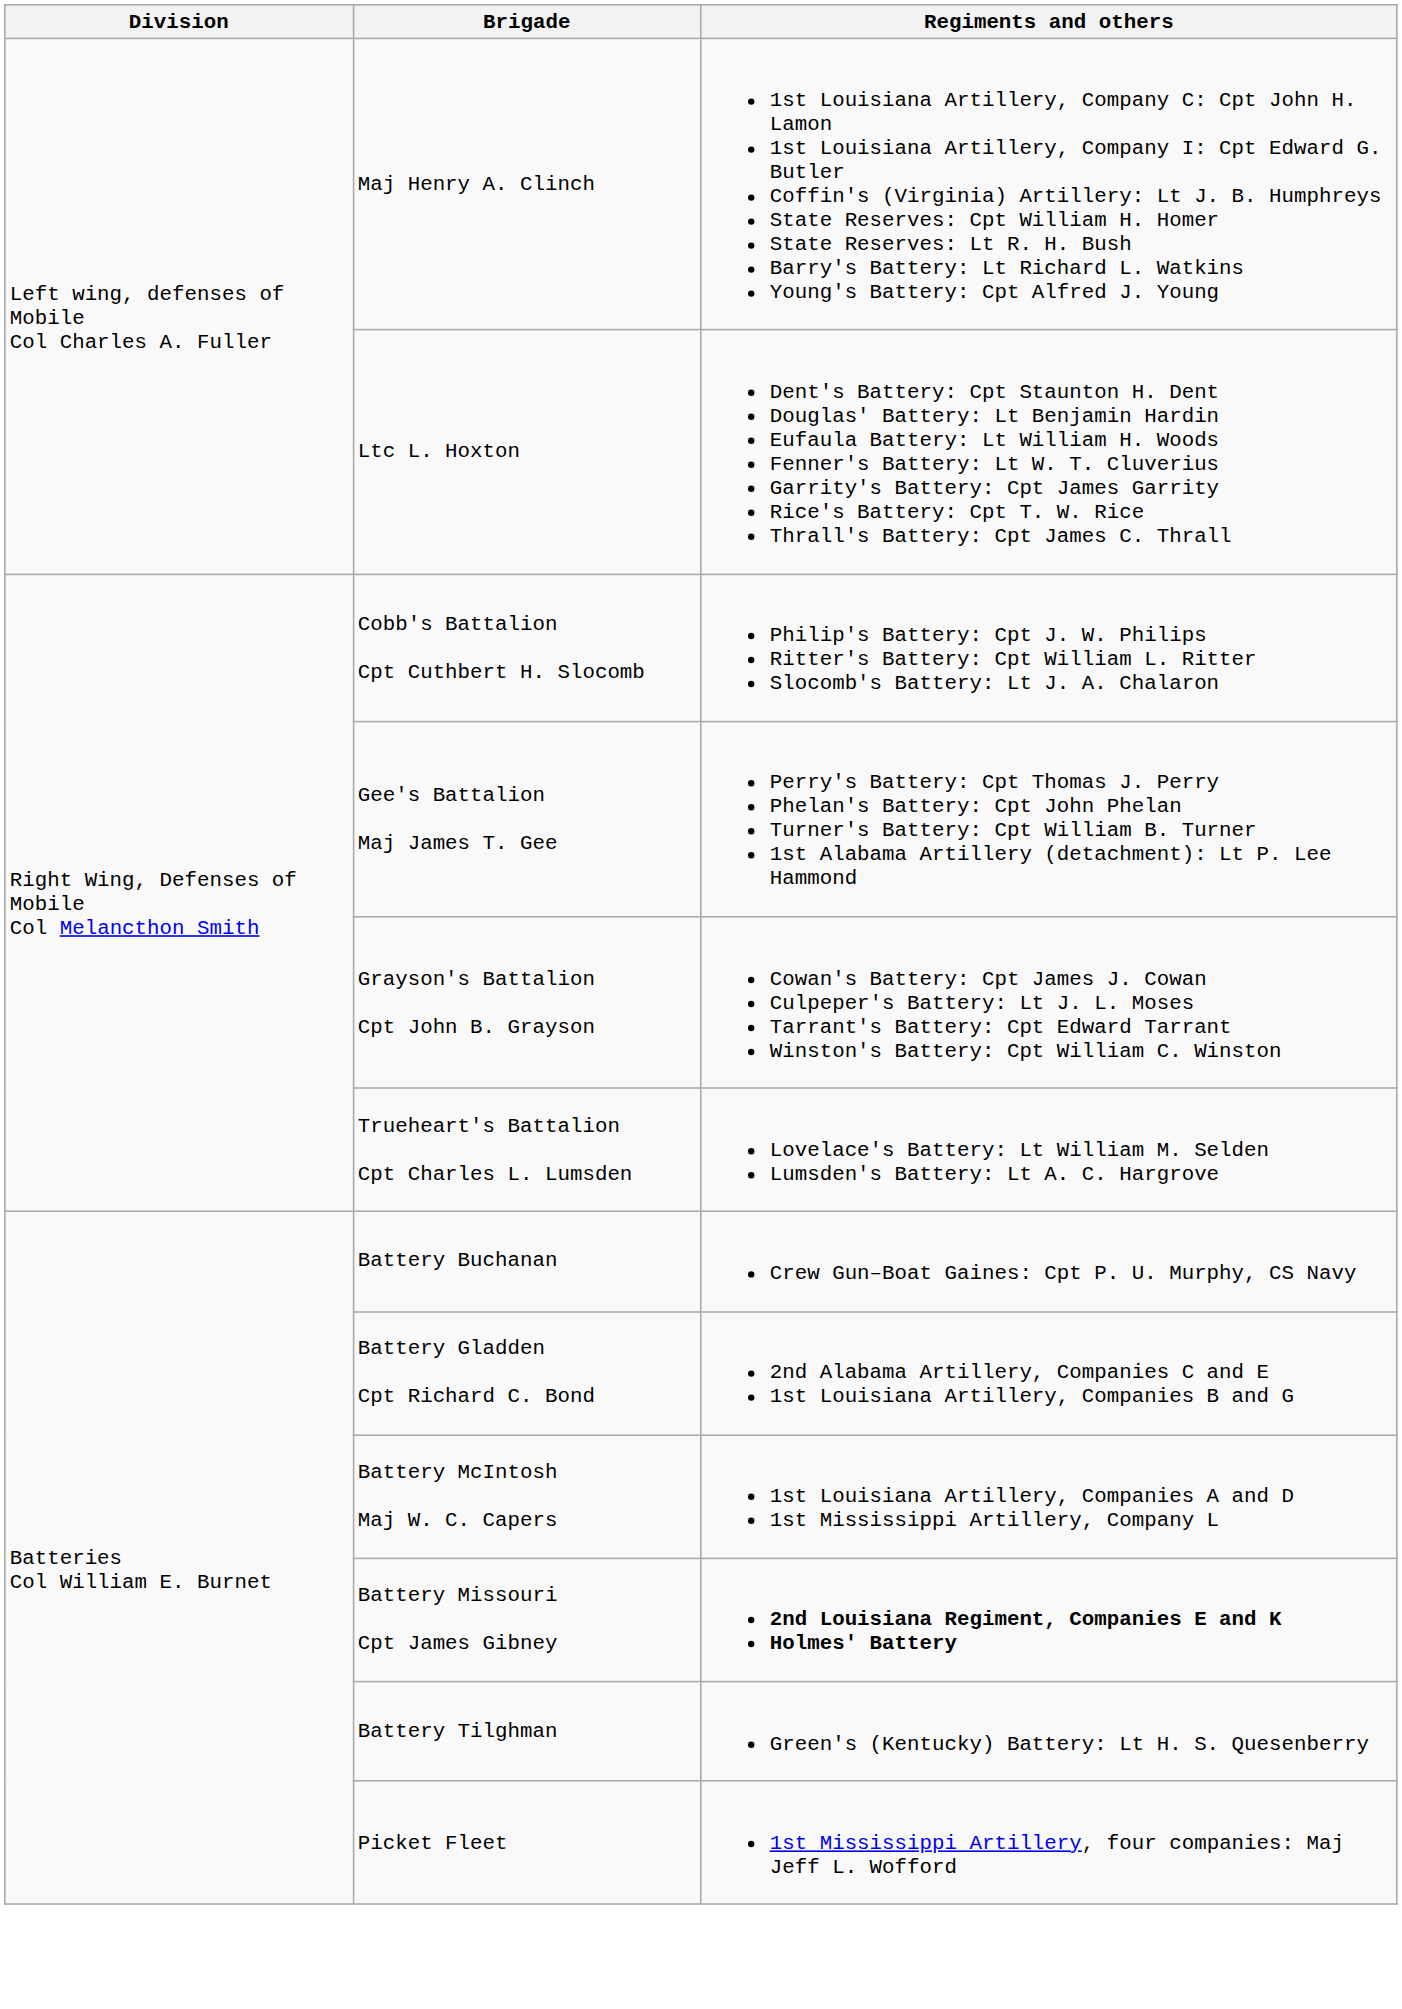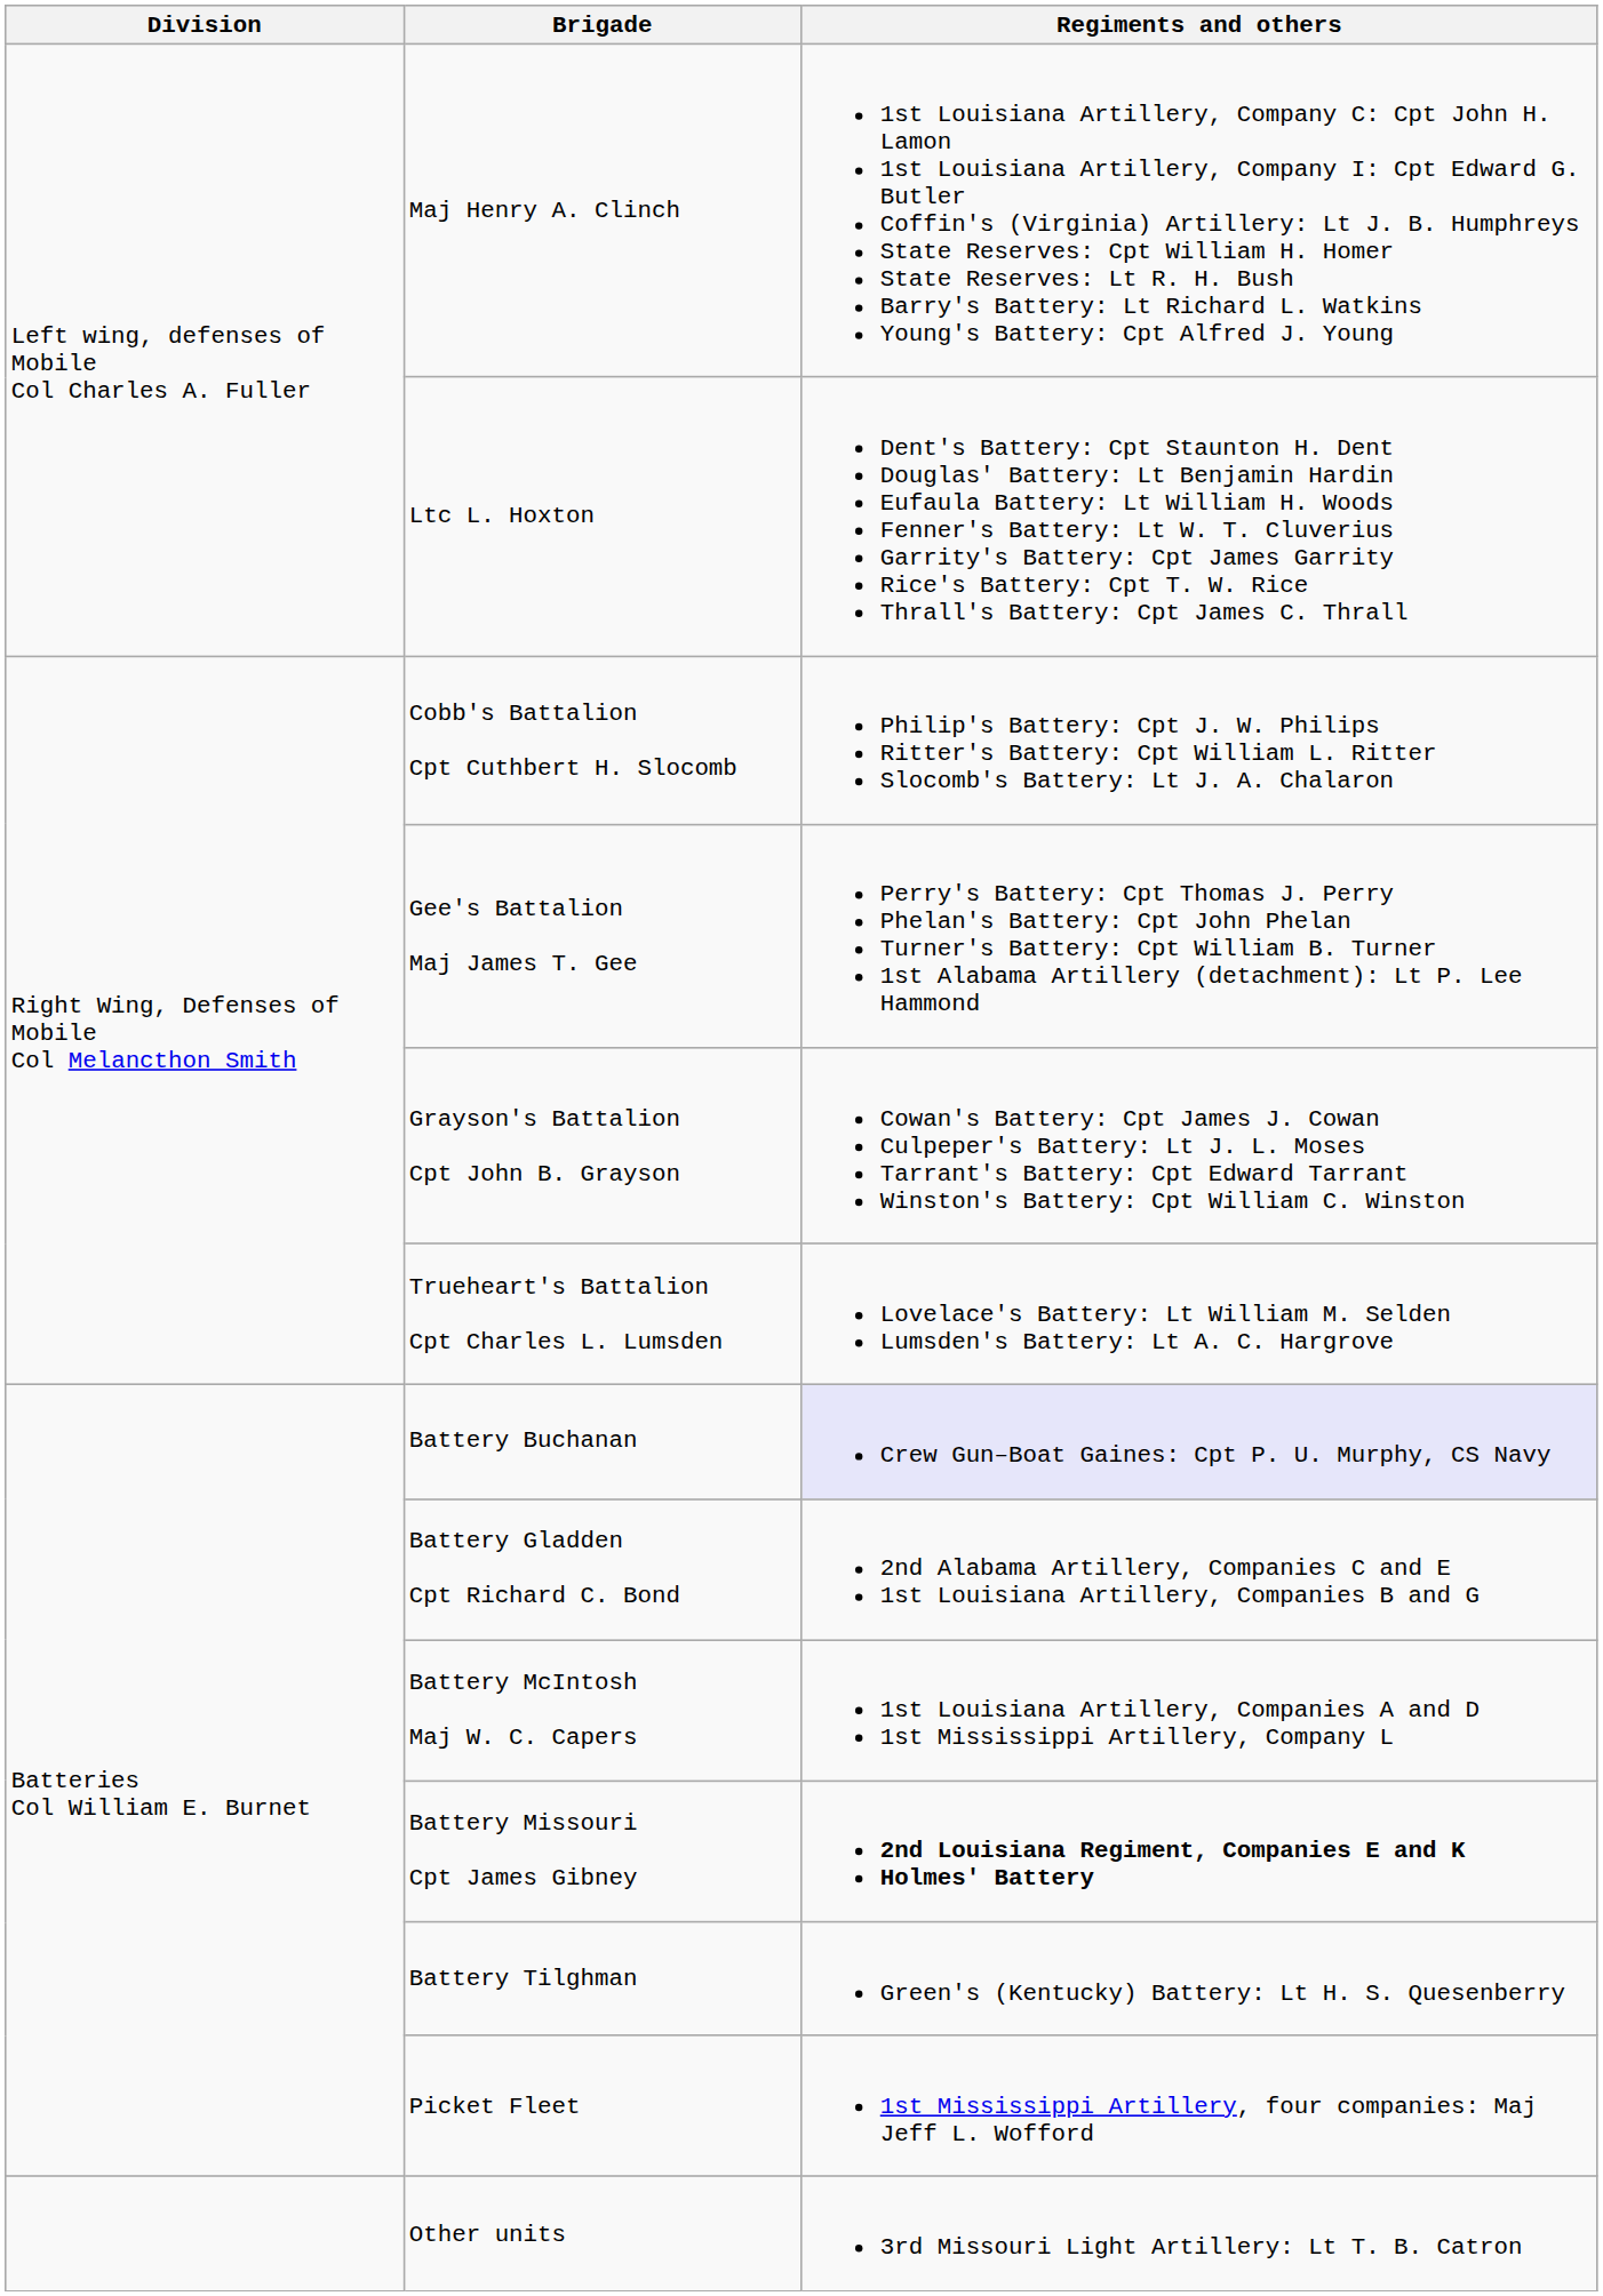 <table class="wikitable">
 <tr>
 <th style="width:25%;">Division</th>
 <th style="width:25%;">Brigade</th>
 <th>Regiments and others</th>
 </tr>
 <tr>
 <td rowspan=2><br>Left wing, defenses of Mobile <br> Col Charles A. Fuller</td>
 <td>Maj Henry A. Clinch</td>
 <td><br><ul><li>1st Louisiana Artillery, Company C: Cpt John H. Lamon</li><li>1st Louisiana Artillery, Company I: Cpt Edward G. Butler</li><li>Coffin's (Virginia) Artillery: Lt J. B. Humphreys</li><li>State Reserves: Cpt William H. Homer</li><li>State Reserves: Lt R. H. Bush</li><li>Barry's Battery: Lt Richard L. Watkins</li><li>Young's Battery: Cpt Alfred J. Young</li></ul></td>
 </tr>
 <tr>
 <td>Ltc L. Hoxton</td>
 <td><br><ul><li>Dent's Battery: Cpt Staunton H. Dent</li><li>Douglas' Battery: Lt Benjamin Hardin</li><li>Eufaula Battery: Lt William H. Woods</li><li>Fenner's Battery: Lt W. T. Cluverius</li><li>Garrity's Battery: Cpt James Garrity</li><li>Rice's Battery: Cpt T. W. Rice</li><li>Thrall's Battery: Cpt James C. Thrall</li></ul></td>
 </tr>
 <tr>
 <td rowspan=4><br>Right Wing, Defenses of Mobile <br> Col <a href='#'>Melancthon Smith</a></td>
 <td>Cobb's Battalion<br><br> Cpt Cuthbert H. Slocomb</td>
 <td><br><ul><li>Philip's Battery: Cpt J. W. Philips</li><li>Ritter's Battery: Cpt William L. Ritter</li><li>Slocomb's Battery: Lt J. A. Chalaron</li></ul></td>
 </tr>
 <tr>
 <td>Gee's Battalion<br><br> Maj James T. Gee</td>
 <td><br><ul><li>Perry's Battery: Cpt Thomas J. Perry</li><li>Phelan's Battery: Cpt John Phelan</li><li>Turner's Battery: Cpt William B. Turner</li><li>1st Alabama Artillery (detachment): Lt P. Lee Hammond</li></ul></td>
 </tr>
 <tr>
 <td>Grayson's Battalion<br><br> Cpt John B. Grayson</td>
 <td><br><ul><li>Cowan's Battery: Cpt James J. Cowan</li><li>Culpeper's Battery: Lt J. L. Moses</li><li>Tarrant's Battery: Cpt Edward Tarrant</li><li>Winston's Battery: Cpt William C. Winston</li></ul></td>
 </tr>
 <tr>
 <td>Trueheart's Battalion<br><br> Cpt Charles L. Lumsden</td>
 <td><br><ul><li>Lovelace's Battery: Lt William M. Selden</li><li>Lumsden's Battery: Lt A. C. Hargrove</li></ul></td>
 </tr>
 <tr>
 <td rowspan=6><br>Batteries <br> Col William E. Burnet</td>
 <td>Battery Buchanan</td>
-<td><br><ul><li>Crew Gun–Boat Gaines: Cpt P. U. Murphy, CS Navy</li></ul></td>
+<td style="background: lavender;"><br><ul><li>Crew Gun–Boat Gaines: Cpt P. U. Murphy, CS Navy</li></ul></td>
 </tr>
 <tr>
 <td>Battery Gladden<br><br> Cpt Richard C. Bond</td>
 <td><br><ul><li>2nd Alabama Artillery, Companies C and E</li><li>1st Louisiana Artillery, Companies B and G</li></ul></td>
 </tr>
 <tr>
 <td>Battery McIntosh<br><br> Maj W. C. Capers</td>
 <td><br><ul><li>1st Louisiana Artillery, Companies A and D</li><li>1st Mississippi Artillery, Company L</li></ul></td>
 </tr>
 <tr>
 <td>Battery Missouri<br><br> Cpt James Gibney</td>
 <td><strong><br><ul><li>2nd Louisiana Regiment, Companies E and K</li><li>Holmes' Battery</li></ul></strong></td>
 </tr>
 <tr>
 <td>Battery Tilghman</td>
 <td><br><ul><li>Green's (Kentucky) Battery: Lt H. S. Quesenberry</li></ul></td>
 </tr>
 <tr>
 <td>Picket Fleet</td>
 <td><br><ul><li><a href='#'>1st Mississippi Artillery</a>, four companies: Maj Jeff L. Wofford</li></ul></td>
 </tr>
+<tr>
+<td></td>
+<td>Other units</td>
+<td><br><ul><li>3rd Missouri Light Artillery: Lt T. B. Catron</li></ul></td>
+</tr>
 </table>
